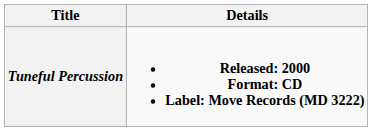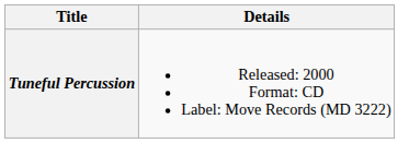 <table class="wikitable plainrowheaders" style="text-align:center;" border="1">
 <tr>
 <th>Title</th>
 <th>Details</th>
 </tr>
 <tr>
 <th scope="row"><em>Tuneful Percussion</em></th>
-<td><strong><br><ul><li>Released: 2000</li><li>Format: CD</li><li>Label: Move Records (MD 3222)</li></ul></strong></td>
+<td><br><ul><li>Released: 2000</li><li>Format: CD</li><li>Label: Move Records (MD 3222)</li></ul></td>
 </tr>
 </table>
